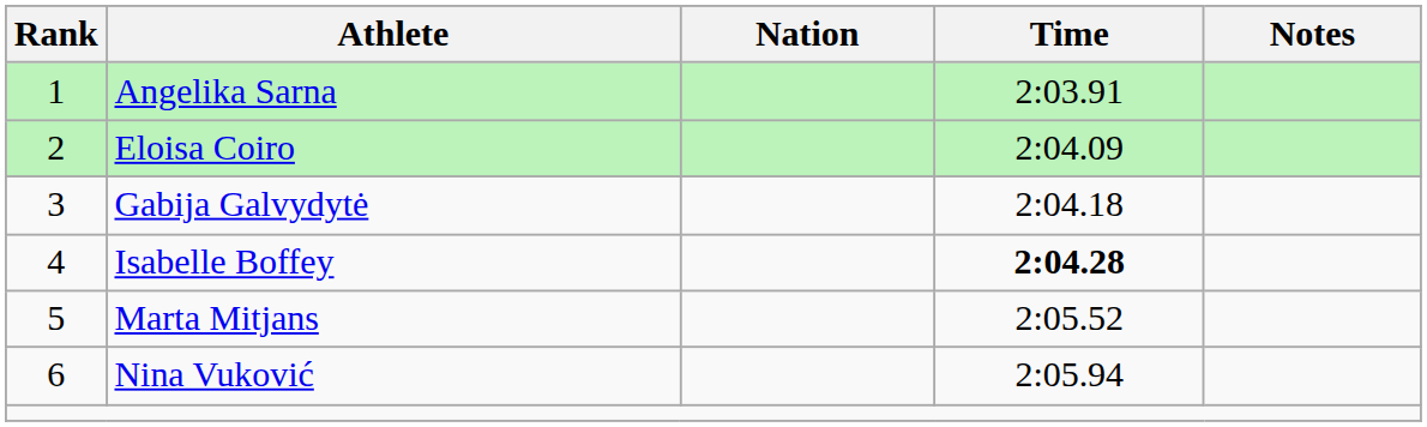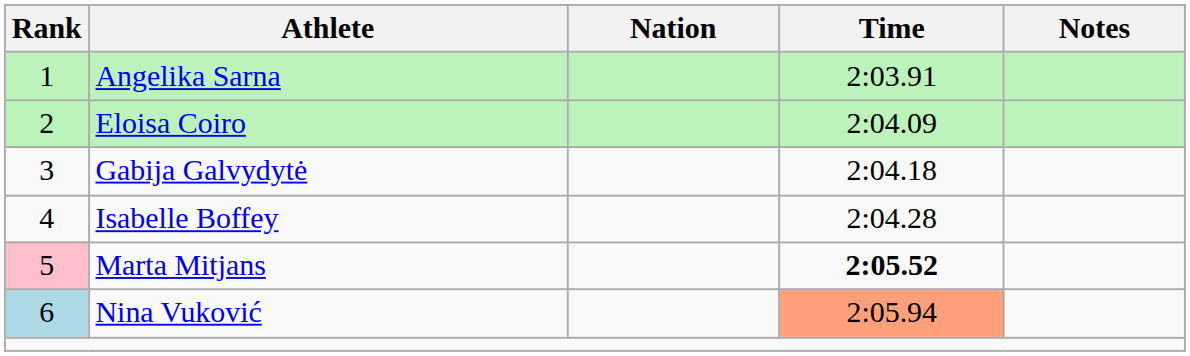 <table class="wikitable sortable" style="text-align:center;width: 50%;">
 <tr>
 <th scope="col" style="width: 10px;">Rank</th>
 <th scope="col">Athlete</th>
 <th scope="col">Nation</th>
 <th scope="col">Time</th>
 <th scope="col">Notes</th>
 </tr>
 <tr bgcolor=bbf3bb>
 <td>1</td>
 <td align=left><a href='#'>Angelika Sarna</a></td>
 <td align=left></td>
 <td>2:03.91</td>
 <td></td>
 </tr>
 <tr bgcolor=bbf3bb>
 <td>2</td>
 <td align=left><a href='#'>Eloisa Coiro</a></td>
 <td align=left></td>
 <td>2:04.09</td>
 <td></td>
 </tr>
 <tr>
 <td>3</td>
 <td align=left><a href='#'>Gabija Galvydytė</a></td>
 <td align=left></td>
 <td>2:04.18</td>
 <td></td>
 </tr>
 <tr>
 <td>4</td>
 <td align=left><a href='#'>Isabelle Boffey</a></td>
 <td align=left></td>
-<td><strong>2:04.28</strong></td>
+<td>2:04.28</td>
 <td></td>
 </tr>
 <tr>
-<td>5</td>
+<td style="background: pink;">5</td>
 <td align=left><a href='#'>Marta Mitjans</a></td>
 <td align=left></td>
-<td>2:05.52</td>
+<td><strong>2:05.52</strong></td>
 <td></td>
 </tr>
 <tr>
-<td>6</td>
+<td style="background: lightblue;">6</td>
 <td align=left><a href='#'>Nina Vuković</a></td>
 <td align=left></td>
-<td>2:05.94</td>
+<td style="background: lightsalmon;">2:05.94</td>
 <td></td>
 </tr>
 <tr class="sortbottom">
 <td colspan="5"></td>
 </tr>
 </table>
